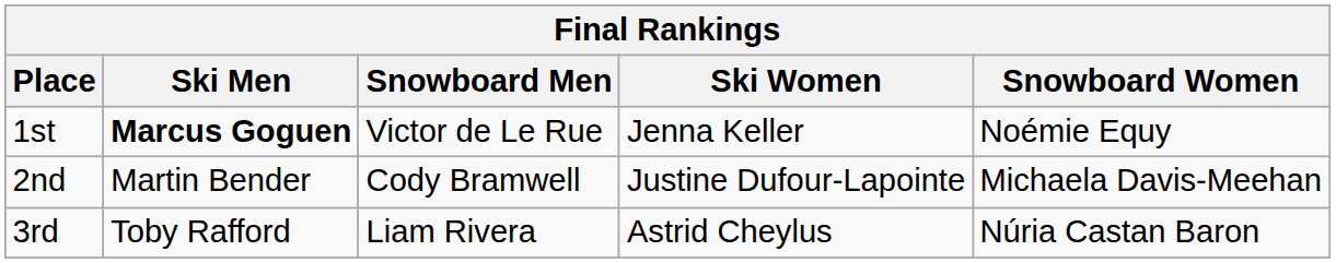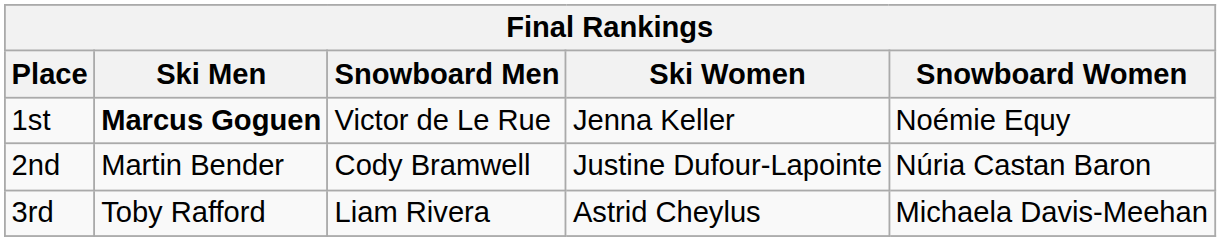 <table class="wikitable">
 <tr>
 <th colspan="5">Final Rankings</th>
 </tr>
 <tr>
 <th>Place</th>
 <th>Ski Men</th>
 <th>Snowboard Men</th>
 <th>Ski Women</th>
 <th>Snowboard Women</th>
 </tr>
 <tr>
 <td>1st</td>
 <td><strong> Marcus Goguen</strong></td>
 <td> Victor de Le Rue</td>
 <td> Jenna Keller</td>
 <td> Noémie Equy</td>
 </tr>
 <tr>
 <td>2nd</td>
 <td> Martin Bender</td>
 <td> Cody Bramwell</td>
 <td> Justine Dufour-Lapointe</td>
-<td> Michaela Davis-Meehan</td>
+<td> Núria Castan Baron</td>
 </tr>
 <tr>
 <td>3rd</td>
 <td> Toby Rafford</td>
 <td> Liam Rivera</td>
 <td> Astrid Cheylus</td>
-<td> Núria Castan Baron</td>
+<td> Michaela Davis-Meehan</td>
 </tr>
 </table>
